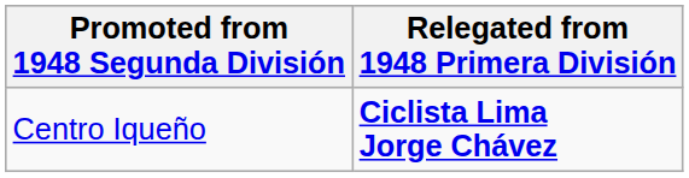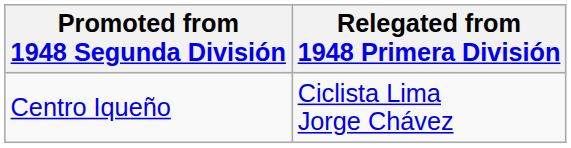 <table class="wikitable">
 <tr>
 <th>Promoted from<br><a href='#'>1948 Segunda División</a></th>
 <th>Relegated from<br><a href='#'>1948 Primera División</a></th>
 </tr>
 <tr>
 <td> <a href='#'>Centro Iqueño</a> </td>
-<td><strong> <a href='#'>Ciclista Lima</a> <br> <a href='#'>Jorge Chávez</a> </strong></td>
+<td> <a href='#'>Ciclista Lima</a> <br> <a href='#'>Jorge Chávez</a> </td>
 </tr>
 </table>
